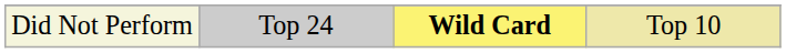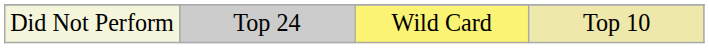 <table class="wikitable" style="margin:1em auto; text-align:center;">
 <tr>
 </tr>
 <tr>
 <td style="background:#F5F5DC;" width="25%">Did Not Perform</td>
 <td style="background:#CCCCCC;" width="25%">Top 24</td>
-<td style="background:#FBF373;" width="25%"><strong>Wild Card</strong></td>
+<td style="background:#FBF373;" width="25%">Wild Card</td>
 <td style="background:palegoldenrod;" width="25%">Top 10</td>
 </tr>
 </table>
